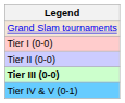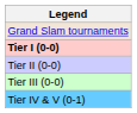 <table class=wikitable style=font-size:90%>
 <tr>
 <th>Legend</th>
 </tr>
 <tr>
 <td align=center colspan=2 bgcolor=#f3e6d7><a href='#'>Grand Slam tournaments</a></td>
 </tr>
 <tr>
-<td bgcolor=#ffcccc>Tier I (0-0)</td>
+<td bgcolor=#ffcccc><strong>Tier I (0-0)</strong></td>
 </tr>
 <tr>
 <td bgcolor=#ccccff>Tier II (0-0)</td>
 </tr>
 <tr>
-<td bgcolor=#CCFFCC><strong>Tier III (0-0)</strong></td>
+<td bgcolor=#CCFFCC>Tier III (0-0)</td>
 </tr>
 <tr>
 <td bgcolor=#66CCFF>Tier IV & V (0-1)</td>
 </tr>
 </table>
